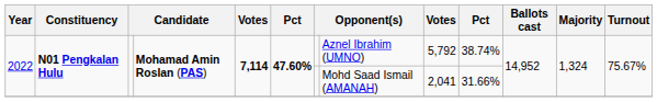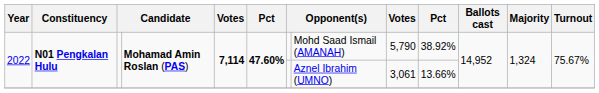 <table class="wikitable" style="margin:0.5em ; font-size:95%">
 <tr>
 <th>Year</th>
 <th>Constituency</th>
 <th colspan=2>Candidate</th>
 <th>Votes</th>
 <th>Pct</th>
 <th colspan=2>Opponent(s)</th>
 <th>Votes</th>
 <th>Pct</th>
 <th>Ballots cast</th>
 <th>Majority</th>
 <th>Turnout</th>
 </tr>
 <tr>
 <td rowspan=2><a href='#'>2022</a></td>
 <td rowspan=2><strong>N01 <a href='#'>Pengkalan Hulu</a></strong></td>
 <td rowspan=2 bgcolor=></td>
 <td rowspan=2><strong>Mohamad Amin Roslan</strong> (<a href='#'><strong>PAS</strong></a>)</td>
 <td rowspan=2 align=right><strong>7,114</strong></td>
 <td rowspan=2><strong>47.60%</strong></td>
 <td></td>
-<td><a href='#'>Aznel Ibrahim</a> (<a href='#'>UMNO</a>)</td>
-<td align=right>5,792</td>
-<td>38.74%</td>
+<td>Mohd Saad Ismail (<a href='#'>AMANAH</a>)</td>
+<td align=right>5,790</td>
+<td>38.92%</td>
 <td rowspan=2>14,952</td>
 <td rowspan=2>1,324</td>
 <td rowspan=2>75.67%</td>
 </tr>
 <tr>
 <td></td>
-<td>Mohd Saad Ismail (<a href='#'>AMANAH</a>)</td>
-<td align=right>2,041</td>
-<td>31.66%</td>
+<td><a href='#'>Aznel Ibrahim</a> (<a href='#'>UMNO</a>)</td>
+<td align=right>3,061</td>
+<td>13.66%</td>
 </tr>
 <tr>
 </tr>
 </table>
